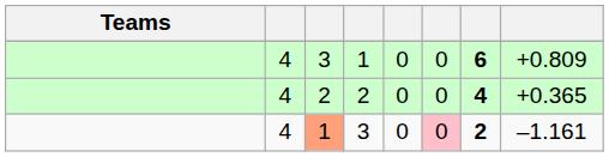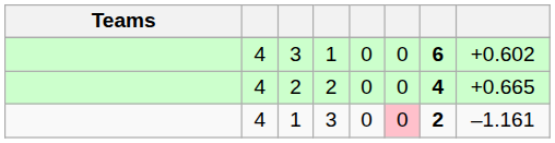 <table class="wikitable" style="text-align:center">
 <tr>
 <th style="width:175px;">Teams</th>
 <th style="width:20px;"></th>
 <th style="width:20px;"></th>
 <th style="width:20px;"></th>
 <th style="width:20px;"></th>
 <th style="width:20px;"></th>
 <th style="width:20px;"></th>
 <th style="width:65px;"></th>
 </tr>
 <tr>
 </tr>
 <tr style="background:#cfc">
 <td style="text-align:left"></td>
 <td>4</td>
 <td>3</td>
 <td>1</td>
 <td>0</td>
 <td>0</td>
 <td><strong>6</strong></td>
-<td>+0.809</td>
+<td>+0.602</td>
 </tr>
 <tr style="background:#cfc">
 <td style="text-align:left"></td>
 <td>4</td>
 <td>2</td>
 <td>2</td>
 <td>0</td>
 <td>0</td>
 <td><strong>4</strong></td>
-<td>+0.365</td>
+<td>+0.665</td>
 </tr>
 <tr>
 <td style="text-align:left"></td>
 <td>4</td>
-<td style="background: lightsalmon;">1</td>
+<td>1</td>
 <td>3</td>
 <td>0</td>
 <td style="background: pink;">0</td>
 <td><strong>2</strong></td>
 <td>–1.161</td>
 </tr>
 </table>
